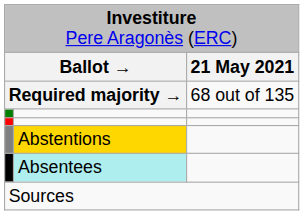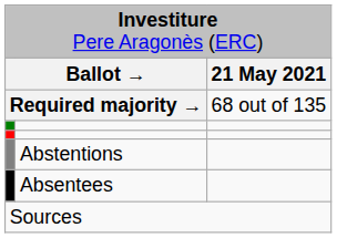 <table class="wikitable" style="text-align:center;">
 <tr>
 <td colspan="4" align="center" bgcolor="#C0C0C0"><strong>Investiture</strong><br><a href='#'>Pere Aragonès</a> (<a href='#'>ERC</a>)</td>
 </tr>
 <tr>
 <th colspan="2" width="150px">Ballot →</th>
 <th>21 May 2021</th>
 </tr>
 <tr>
 <th colspan="2">Required majority →</th>
 <td>68 out of 135 </td>
 </tr>
 <tr>
 <th width="1px" style="background:green;"></th>
 <td align="left"></td>
 <td></td>
 </tr>
 <tr>
 <th style="color:inherit;background:red;"></th>
 <td align="left"></td>
 <td></td>
 </tr>
 <tr>
 <th style="color:inherit;background:gray;"></th>
-<td align="left" style="background: gold;"><span>Abstentions</span></td>
+<td align="left"><span>Abstentions</span></td>
 <td></td>
 </tr>
 <tr>
 <th style="color:inherit;background:black;"></th>
-<td align="left" style="background: paleturquoise;"><span>Absentees</span></td>
+<td align="left"><span>Absentees</span></td>
 <td></td>
 </tr>
 <tr>
 <td align="left" colspan="4">Sources</td>
 </tr>
 </table>
